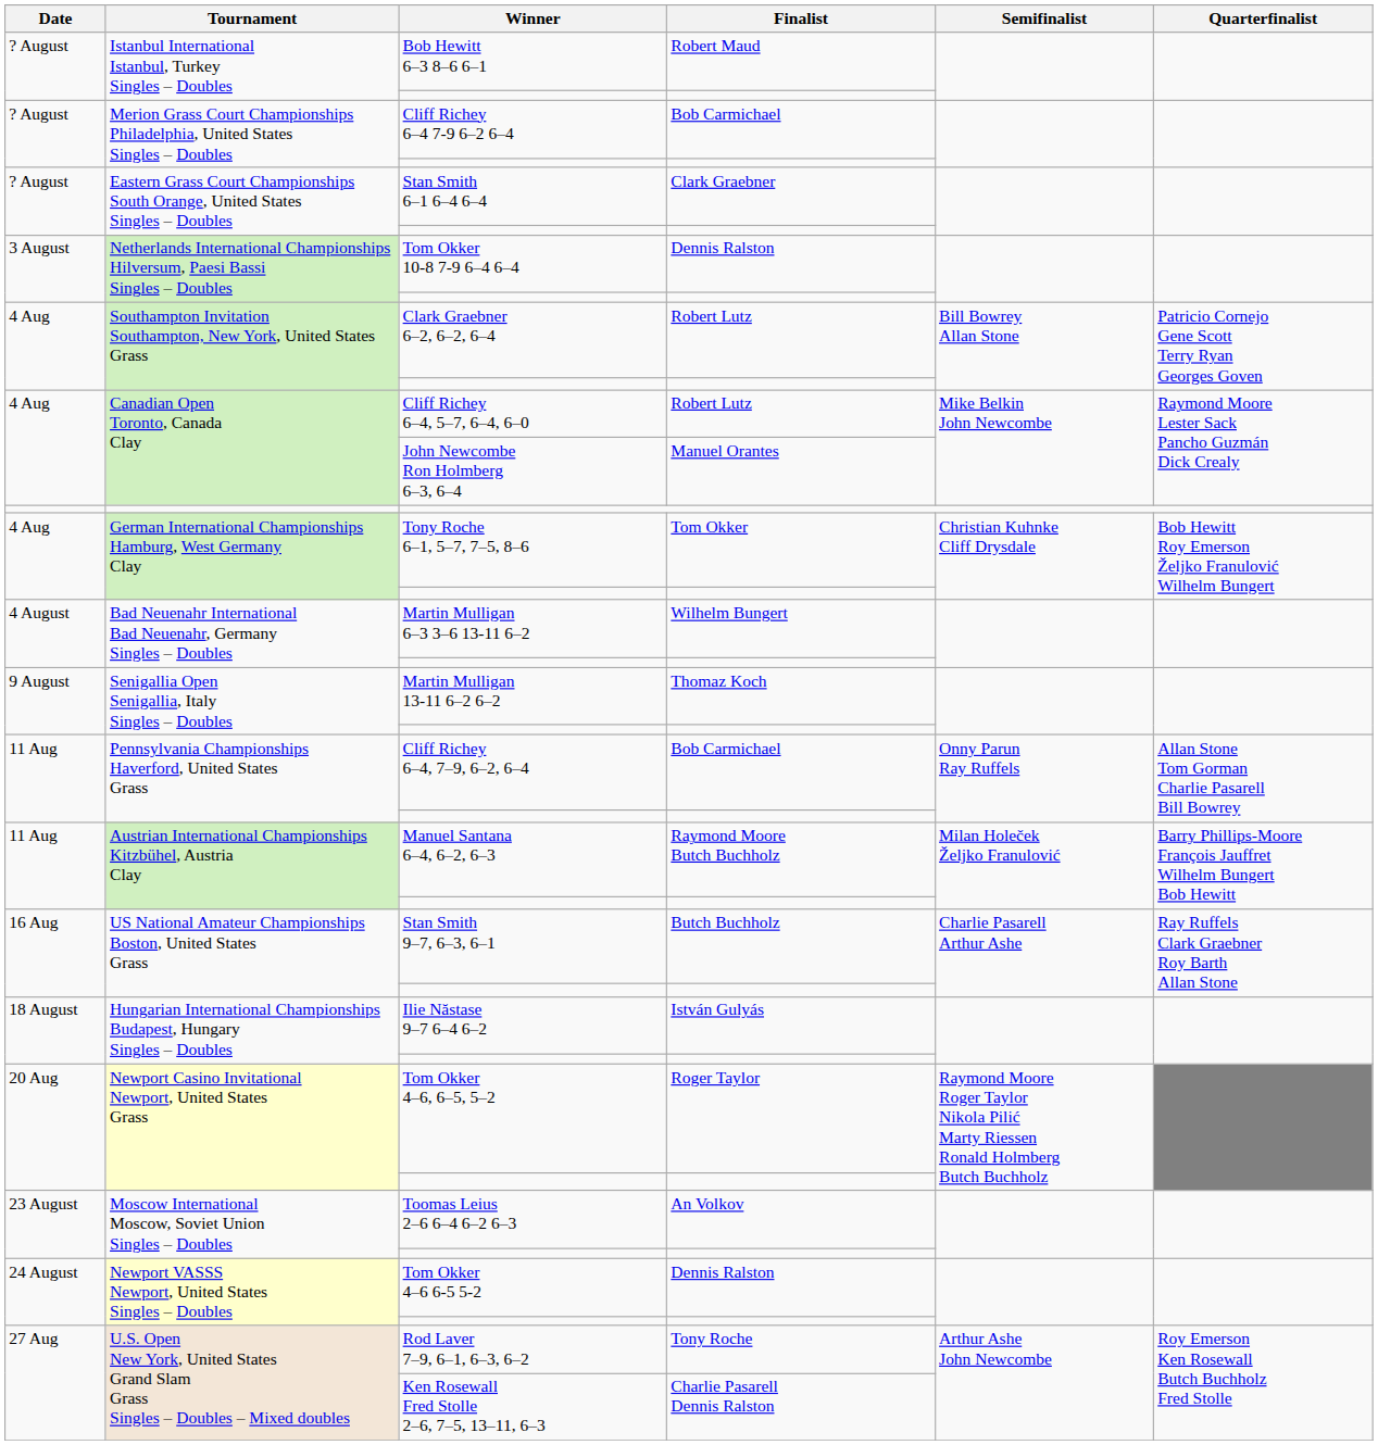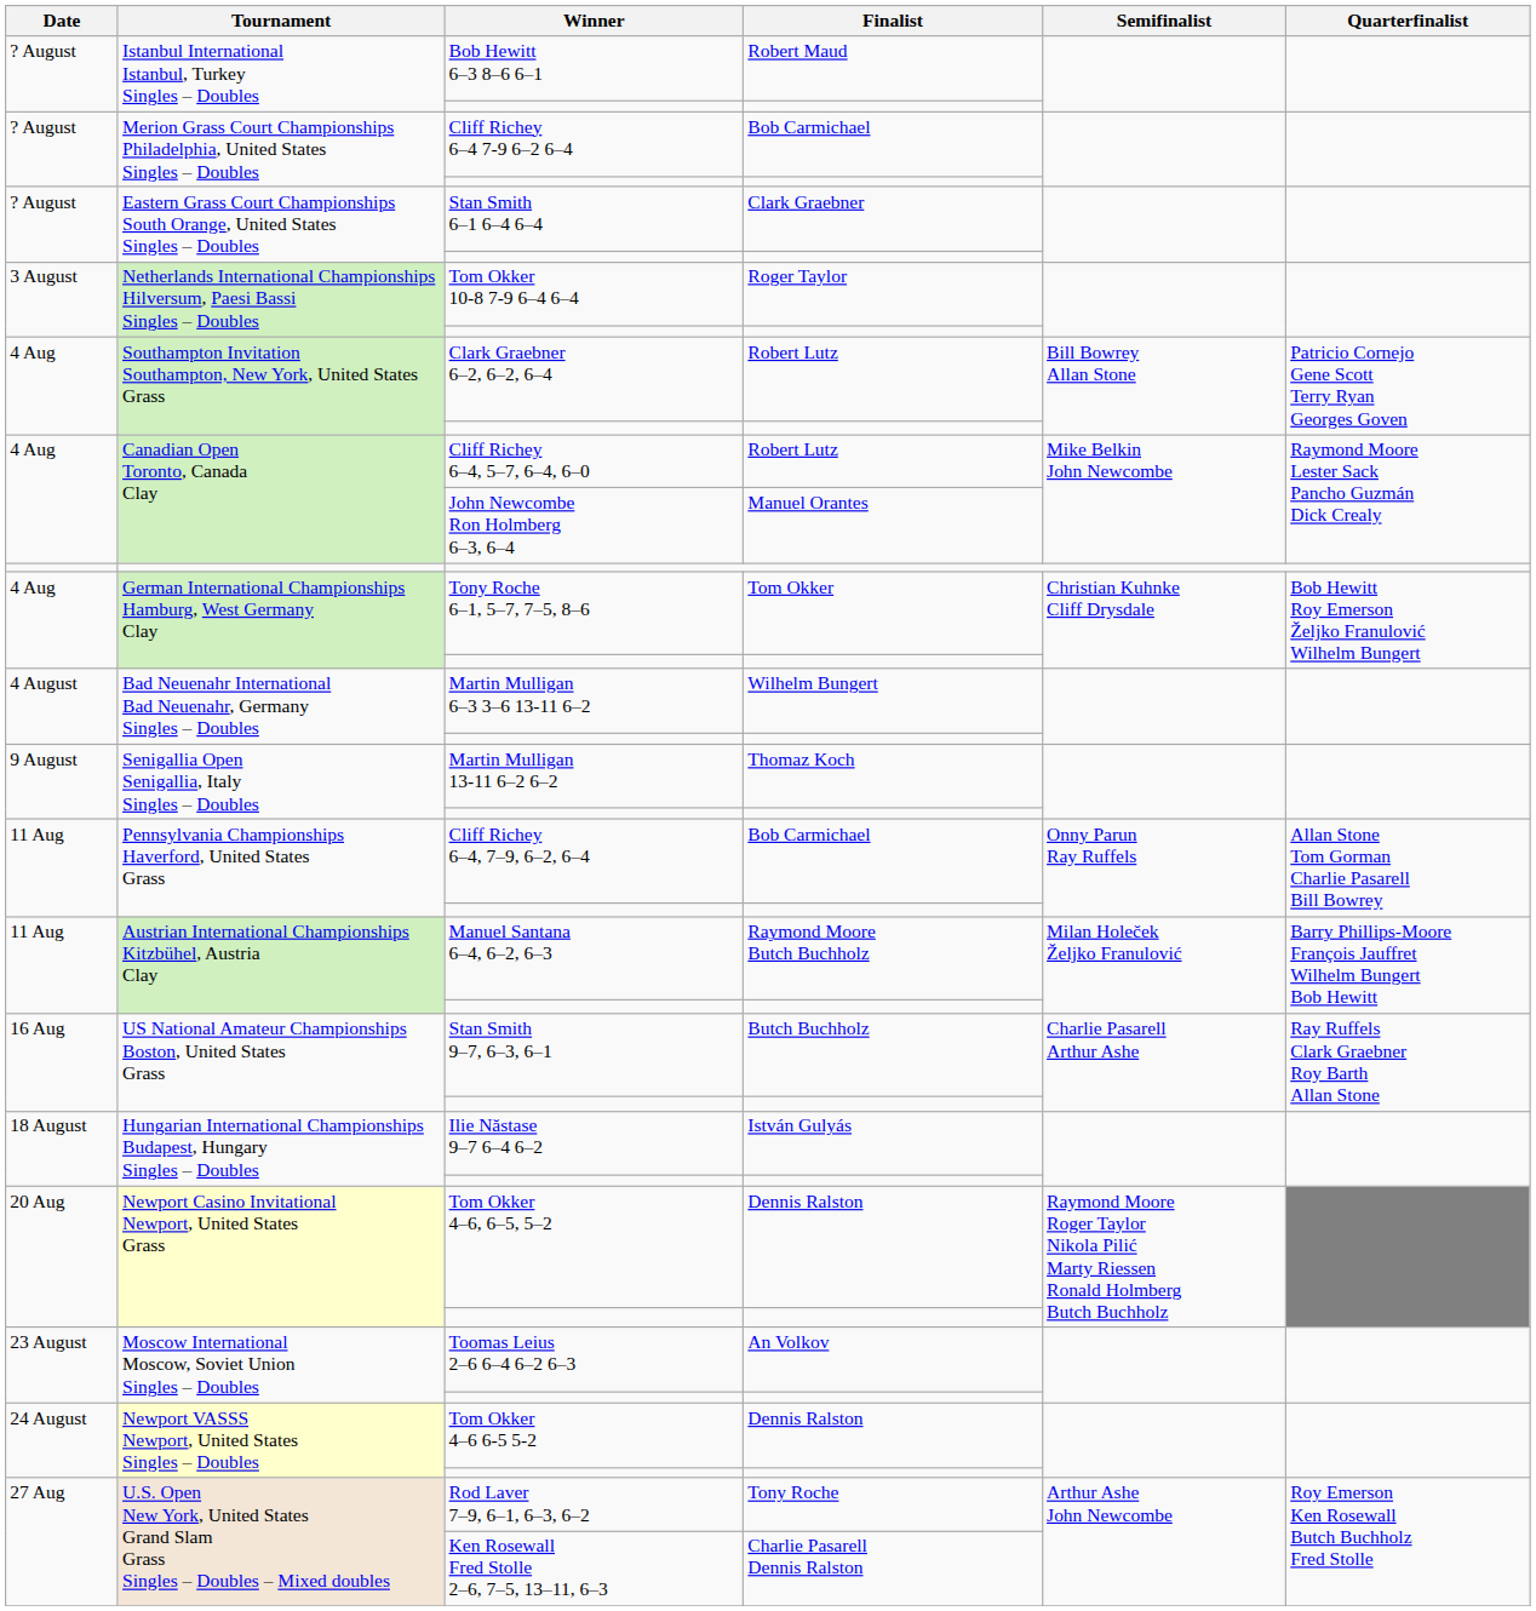 <table class="wikitable" style="font-size:85%;">
 <tr>
 <th width="75">Date</th>
 <th width="230">Tournament</th>
 <th width="210">Winner</th>
 <th width="210">Finalist</th>
 <th width="170">Semifinalist</th>
 <th width="170">Quarterfinalist</th>
 </tr>
 <tr valign=top>
 <td rowspan=2>? August</td>
 <td rowspan=2><a href='#'>Istanbul International</a><br><a href='#'>Istanbul</a>, Turkey<br><a href='#'>Singles</a> – <a href='#'>Doubles</a></td>
 <td> <a href='#'>Bob Hewitt</a><br>6–3 8–6 6–1</td>
 <td> <a href='#'>Robert Maud</a></td>
 <td rowspan=2></td>
 <td rowspan=2></td>
 </tr>
 <tr valign=top>
 <td></td>
 <td></td>
 </tr>
 <tr valign=top>
 <td rowspan=2>? August</td>
 <td rowspan=2><a href='#'>Merion Grass Court Championships</a><br><a href='#'>Philadelphia</a>, United States<br><a href='#'>Singles</a> – <a href='#'>Doubles</a></td>
 <td> <a href='#'>Cliff Richey</a><br>6–4 7-9 6–2 6–4</td>
 <td> <a href='#'>Bob Carmichael</a></td>
 <td rowspan=2></td>
 <td rowspan=2></td>
 </tr>
 <tr valign=top>
 <td></td>
 <td></td>
 </tr>
 <tr valign=top>
 <td rowspan=2>? August</td>
 <td rowspan=2><a href='#'>Eastern Grass Court Championships</a><br><a href='#'>South Orange</a>, United States<br><a href='#'>Singles</a> – <a href='#'>Doubles</a></td>
 <td> <a href='#'>Stan Smith</a><br>6–1 6–4 6–4</td>
 <td> <a href='#'>Clark Graebner</a></td>
 <td rowspan=2></td>
 <td rowspan=2></td>
 </tr>
 <tr valign=top>
 <td></td>
 <td></td>
 </tr>
 <tr valign=top>
 <td rowspan=2>3 August</td>
 <td style="background:#d0f0c0;" rowspan=2><a href='#'>Netherlands International Championships</a><br> <a href='#'>Hilversum</a>, <a href='#'>Paesi Bassi</a><br><a href='#'>Singles</a> – <a href='#'>Doubles</a></td>
 <td> <a href='#'>Tom Okker</a><br>10-8 7-9 6–4 6–4</td>
-<td> <a href='#'>Dennis Ralston</a></td>
+<td> <a href='#'>Roger Taylor</a></td>
 <td rowspan="2"></td>
 <td rowspan=2></td>
 </tr>
 <tr valign=top>
 <td></td>
 <td></td>
 </tr>
 <tr valign=top>
 <td rowspan=2>4 Aug</td>
 <td style="background:#d0f0c0;" rowspan=2><a href='#'>Southampton Invitation</a><br><a href='#'>Southampton, New York</a>, United States<br>Grass</td>
 <td> <a href='#'>Clark Graebner</a> <br>6–2, 6–2, 6–4</td>
 <td> <a href='#'>Robert Lutz</a></td>
 <td rowspan=2> <a href='#'>Bill Bowrey</a> <br>  <a href='#'>Allan Stone</a></td>
 <td rowspan=2> <a href='#'>Patricio Cornejo</a> <br>  <a href='#'>Gene Scott</a> <br>  <a href='#'>Terry Ryan</a> <br>  <a href='#'>Georges Goven</a></td>
 </tr>
 <tr valign=top>
 <td></td>
 <td></td>
 </tr>
 <tr valign=top>
 <td rowspan=2>4 Aug</td>
 <td style="background:#d0f0c0;" rowspan=2><a href='#'>Canadian Open</a><br><a href='#'>Toronto</a>, Canada<br>Clay</td>
 <td> <a href='#'>Cliff Richey</a> <br>6–4, 5–7, 6–4, 6–0</td>
 <td> <a href='#'>Robert Lutz</a></td>
 <td rowspan=2> <a href='#'>Mike Belkin</a> <br>  <a href='#'>John Newcombe</a></td>
 <td rowspan=2> <a href='#'>Raymond Moore</a> <br>  <a href='#'>Lester Sack</a> <br>  <a href='#'>Pancho Guzmán</a> <br>  <a href='#'>Dick Crealy</a></td>
 </tr>
 <tr valign=top>
 <td> <a href='#'>John Newcombe</a> <br> <a href='#'>Ron Holmberg</a> <br>6–3, 6–4</td>
 <td> <a href='#'>Manuel Orantes</a></td>
 </tr>
 <tr valign=top>
 <td></td>
 <td></td>
 </tr>
 <tr valign=top>
 <td rowspan=2>4 Aug</td>
 <td style="background:#d0f0c0;" rowspan="2"><a href='#'>German International Championships</a><br><a href='#'>Hamburg</a>, <a href='#'>West Germany</a><br>Clay</td>
 <td> <a href='#'>Tony Roche</a><br>6–1, 5–7, 7–5, 8–6</td>
 <td> <a href='#'>Tom Okker</a></td>
 <td rowspan=2> <a href='#'>Christian Kuhnke</a> <br>  <a href='#'>Cliff Drysdale</a></td>
 <td rowspan=2> <a href='#'>Bob Hewitt</a> <br>  <a href='#'>Roy Emerson</a> <br>  <a href='#'>Željko Franulović</a> <br>  <a href='#'>Wilhelm Bungert</a></td>
 </tr>
 <tr valign=top>
 <td></td>
 <td></td>
 </tr>
 <tr valign=top>
 <td rowspan=2>4 August</td>
 <td rowspan=2><a href='#'>Bad Neuenahr International</a><br><a href='#'>Bad Neuenahr</a>, Germany<br><a href='#'>Singles</a> – <a href='#'>Doubles</a></td>
 <td> <a href='#'>Martin Mulligan</a><br>6–3 3–6 13-11 6–2</td>
 <td> <a href='#'>Wilhelm Bungert</a></td>
 <td rowspan=2></td>
 <td rowspan=2></td>
 </tr>
 <tr valign=top>
 <td></td>
 <td></td>
 </tr>
 <tr valign=top>
 <td rowspan=2>9 August</td>
 <td rowspan=2><a href='#'>Senigallia Open</a><br><a href='#'>Senigallia</a>, Italy<br><a href='#'>Singles</a> – <a href='#'>Doubles</a></td>
 <td> <a href='#'>Martin Mulligan</a><br>13-11 6–2 6–2</td>
 <td> <a href='#'>Thomaz Koch</a></td>
 <td rowspan=2></td>
 <td rowspan=2></td>
 </tr>
 <tr valign=top>
 <td></td>
 <td></td>
 </tr>
 <tr valign=top>
 <td rowspan=2>11 Aug</td>
 <td rowspan=2><a href='#'>Pennsylvania Championships</a><br><a href='#'>Haverford</a>, United States<br>Grass</td>
 <td> <a href='#'>Cliff Richey</a> <br>6–4, 7–9, 6–2, 6–4</td>
 <td> <a href='#'>Bob Carmichael</a></td>
 <td rowspan=2> <a href='#'>Onny Parun</a> <br>  <a href='#'>Ray Ruffels</a></td>
 <td rowspan=2> <a href='#'>Allan Stone</a> <br>  <a href='#'>Tom Gorman</a> <br>  <a href='#'>Charlie Pasarell</a> <br>  <a href='#'>Bill Bowrey</a></td>
 </tr>
 <tr valign=top>
 <td></td>
 <td></td>
 </tr>
 <tr valign=top>
 <td rowspan=2>11 Aug</td>
 <td style="background:#d0f0c0;" rowspan=2><a href='#'>Austrian International Championships</a><br><a href='#'>Kitzbühel</a>, Austria<br>Clay</td>
 <td> <a href='#'>Manuel Santana</a><br>6–4, 6–2, 6–3</td>
 <td> <a href='#'>Raymond Moore</a><br> <a href='#'>Butch Buchholz</a></td>
 <td rowspan=2> <a href='#'>Milan Holeček</a> <br>  <a href='#'>Željko Franulović</a></td>
 <td rowspan=2> <a href='#'>Barry Phillips-Moore</a> <br>  <a href='#'>François Jauffret</a> <br>  <a href='#'>Wilhelm Bungert</a> <br>  <a href='#'>Bob Hewitt</a></td>
 </tr>
 <tr valign=top>
 <td></td>
 <td></td>
 </tr>
 <tr valign=top>
 <td rowspan=2>16 Aug</td>
 <td rowspan=2><a href='#'>US National Amateur Championships</a><br><a href='#'>Boston</a>, United States<br>Grass</td>
 <td> <a href='#'>Stan Smith</a> <br>9–7, 6–3, 6–1</td>
 <td> <a href='#'>Butch Buchholz</a></td>
 <td rowspan=2> <a href='#'>Charlie Pasarell</a> <br>  <a href='#'>Arthur Ashe</a></td>
 <td rowspan=2> <a href='#'>Ray Ruffels</a> <br>  <a href='#'>Clark Graebner</a> <br>  <a href='#'>Roy Barth</a> <br>  <a href='#'>Allan Stone</a></td>
 </tr>
 <tr valign=top>
 <td></td>
 <td></td>
 </tr>
 <tr valign=top>
 <td rowspan=2>18 August</td>
 <td rowspan=2><a href='#'>Hungarian International Championships</a><br><a href='#'>Budapest</a>, Hungary<br><a href='#'>Singles</a> – <a href='#'>Doubles</a></td>
 <td> <a href='#'>Ilie Năstase</a><br>9–7 6–4 6–2</td>
 <td>  <a href='#'>István Gulyás</a></td>
 <td rowspan=2></td>
 <td rowspan=2></td>
 </tr>
 <tr valign=top>
 <td></td>
 <td></td>
 </tr>
 <tr valign=top>
 <td rowspan=2>20 Aug</td>
 <td style="background:#ffc;" rowspan=2><a href='#'>Newport Casino Invitational</a><br><a href='#'>Newport</a>, United States<br>Grass</td>
 <td> <a href='#'>Tom Okker</a> <br>4–6, 6–5, 5–2</td>
-<td> <a href='#'>Roger Taylor</a></td>
+<td> <a href='#'>Dennis Ralston</a></td>
 <td rowspan=2> <a href='#'>Raymond Moore</a> <br>   <a href='#'>Roger Taylor</a> <br>  <a href='#'>Nikola Pilić</a> <br>  <a href='#'>Marty Riessen</a> <br>  <a href='#'>Ronald Holmberg</a> <br>  <a href='#'>Butch Buchholz</a></td>
 <td style="background:grey" rowspan=2></td>
 </tr>
 <tr valign=top>
 <td></td>
 <td></td>
 </tr>
 <tr valign=top>
 <td rowspan=2>23 August</td>
 <td rowspan=2><a href='#'>Moscow International</a><br>Moscow, Soviet Union<br><a href='#'>Singles</a> – <a href='#'>Doubles</a></td>
 <td> <a href='#'>Toomas Leius</a><br>2–6 6–4 6–2 6–3</td>
 <td> <a href='#'>An Volkov</a></td>
 <td rowspan="2"></td>
 <td rowspan=2></td>
 </tr>
 <tr valign=top>
 <td></td>
 <td></td>
 </tr>
 <tr valign=top>
 <td rowspan=2>24 August</td>
 <td style="background:#ffc;" rowspan=2><a href='#'>Newport VASSS</a><br><a href='#'>Newport</a>, United States<br><a href='#'>Singles</a> – <a href='#'>Doubles</a></td>
 <td> <a href='#'>Tom Okker</a><br>4–6 6-5 5-2</td>
 <td> <a href='#'>Dennis Ralston</a></td>
 <td rowspan=2></td>
 <td rowspan=2></td>
 </tr>
 <tr valign=top>
 <td></td>
 <td></td>
 </tr>
 <tr valign=top>
 <td rowspan=2>27 Aug</td>
 <td style="background:#F3E6D7" rowspan=2><a href='#'>U.S. Open</a> <br><a href='#'>New York</a>, United States<br>Grand Slam<br>Grass <br><a href='#'>Singles</a> – <a href='#'>Doubles</a> – <a href='#'>Mixed doubles</a></td>
 <td> <a href='#'>Rod Laver</a> <br>7–9, 6–1, 6–3, 6–2</td>
 <td> <a href='#'>Tony Roche</a></td>
 <td rowspan=2> <a href='#'>Arthur Ashe</a> <br>  <a href='#'>John Newcombe</a></td>
 <td rowspan=2> <a href='#'>Roy Emerson</a> <br>  <a href='#'>Ken Rosewall</a> <br>  <a href='#'>Butch Buchholz</a> <br>  <a href='#'>Fred Stolle</a></td>
 </tr>
 <tr valign=top>
 <td> <a href='#'>Ken Rosewall</a><br> <a href='#'>Fred Stolle</a><br>2–6, 7–5, 13–11, 6–3</td>
 <td> <a href='#'>Charlie Pasarell</a><br> <a href='#'>Dennis Ralston</a></td>
 </tr>
 </table>
